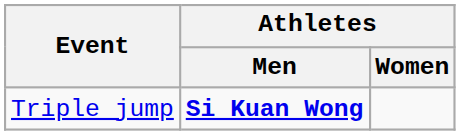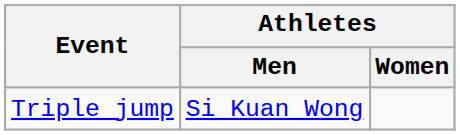 <table class=wikitable style="font-size:90%">
 <tr>
 <th rowspan=2>Event</th>
 <th colspan=2>Athletes</th>
 </tr>
 <tr>
 <th>Men</th>
 <th>Women</th>
 </tr>
 <tr>
 <td><a href='#'>Triple jump</a></td>
-<td><strong><a href='#'>Si Kuan Wong</a></strong></td>
+<td><a href='#'>Si Kuan Wong</a></td>
 <td></td>
 </tr>
 </table>
